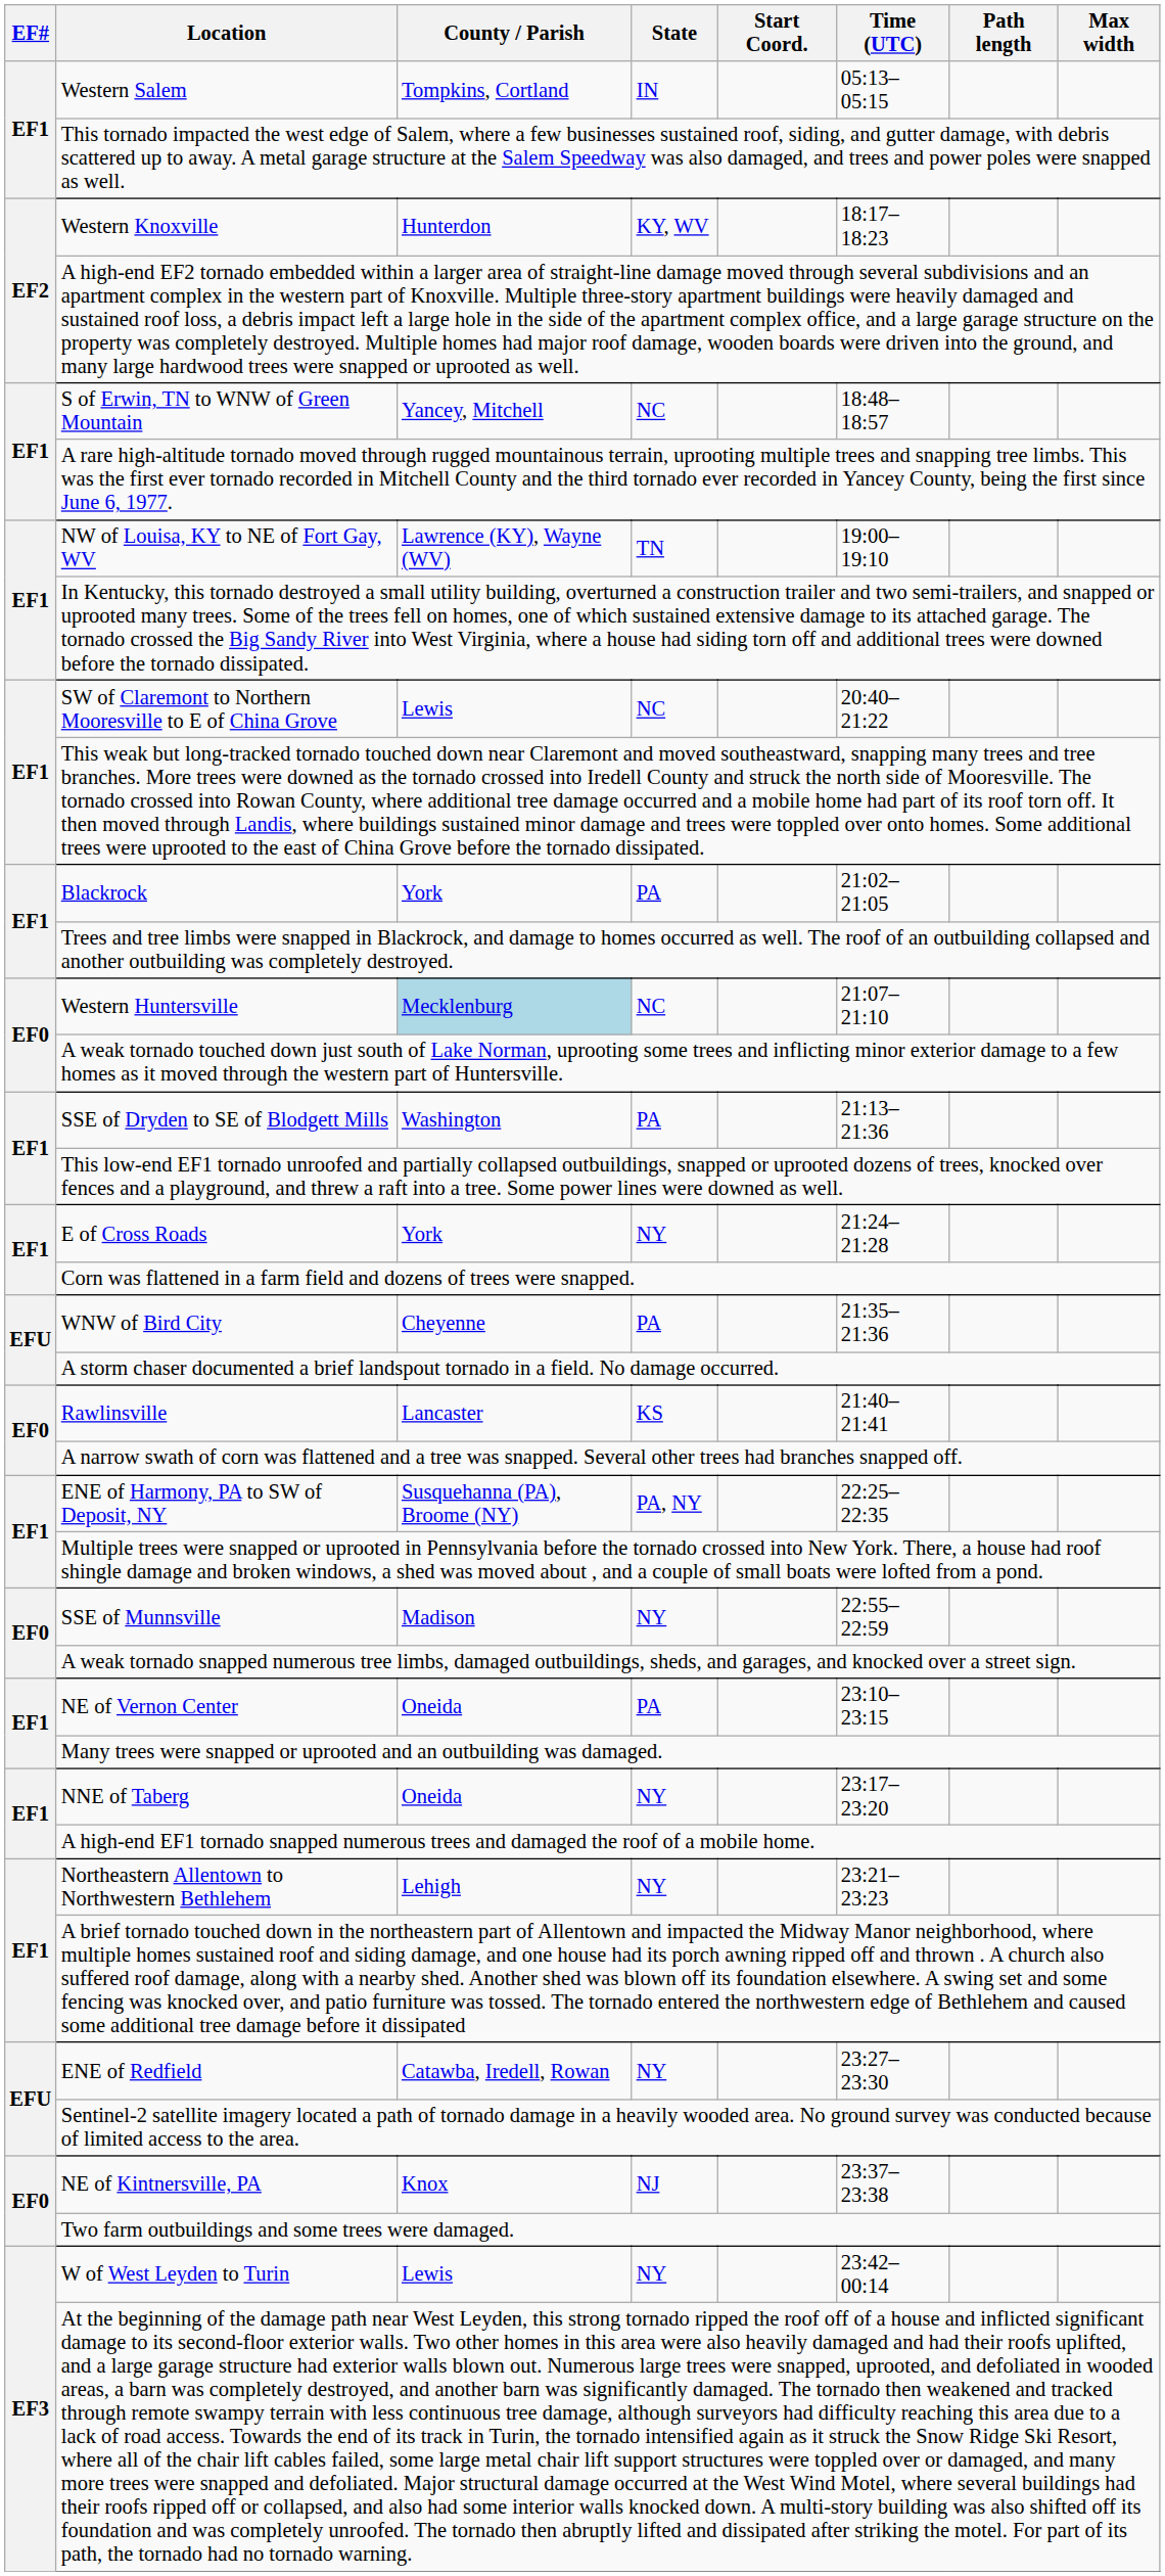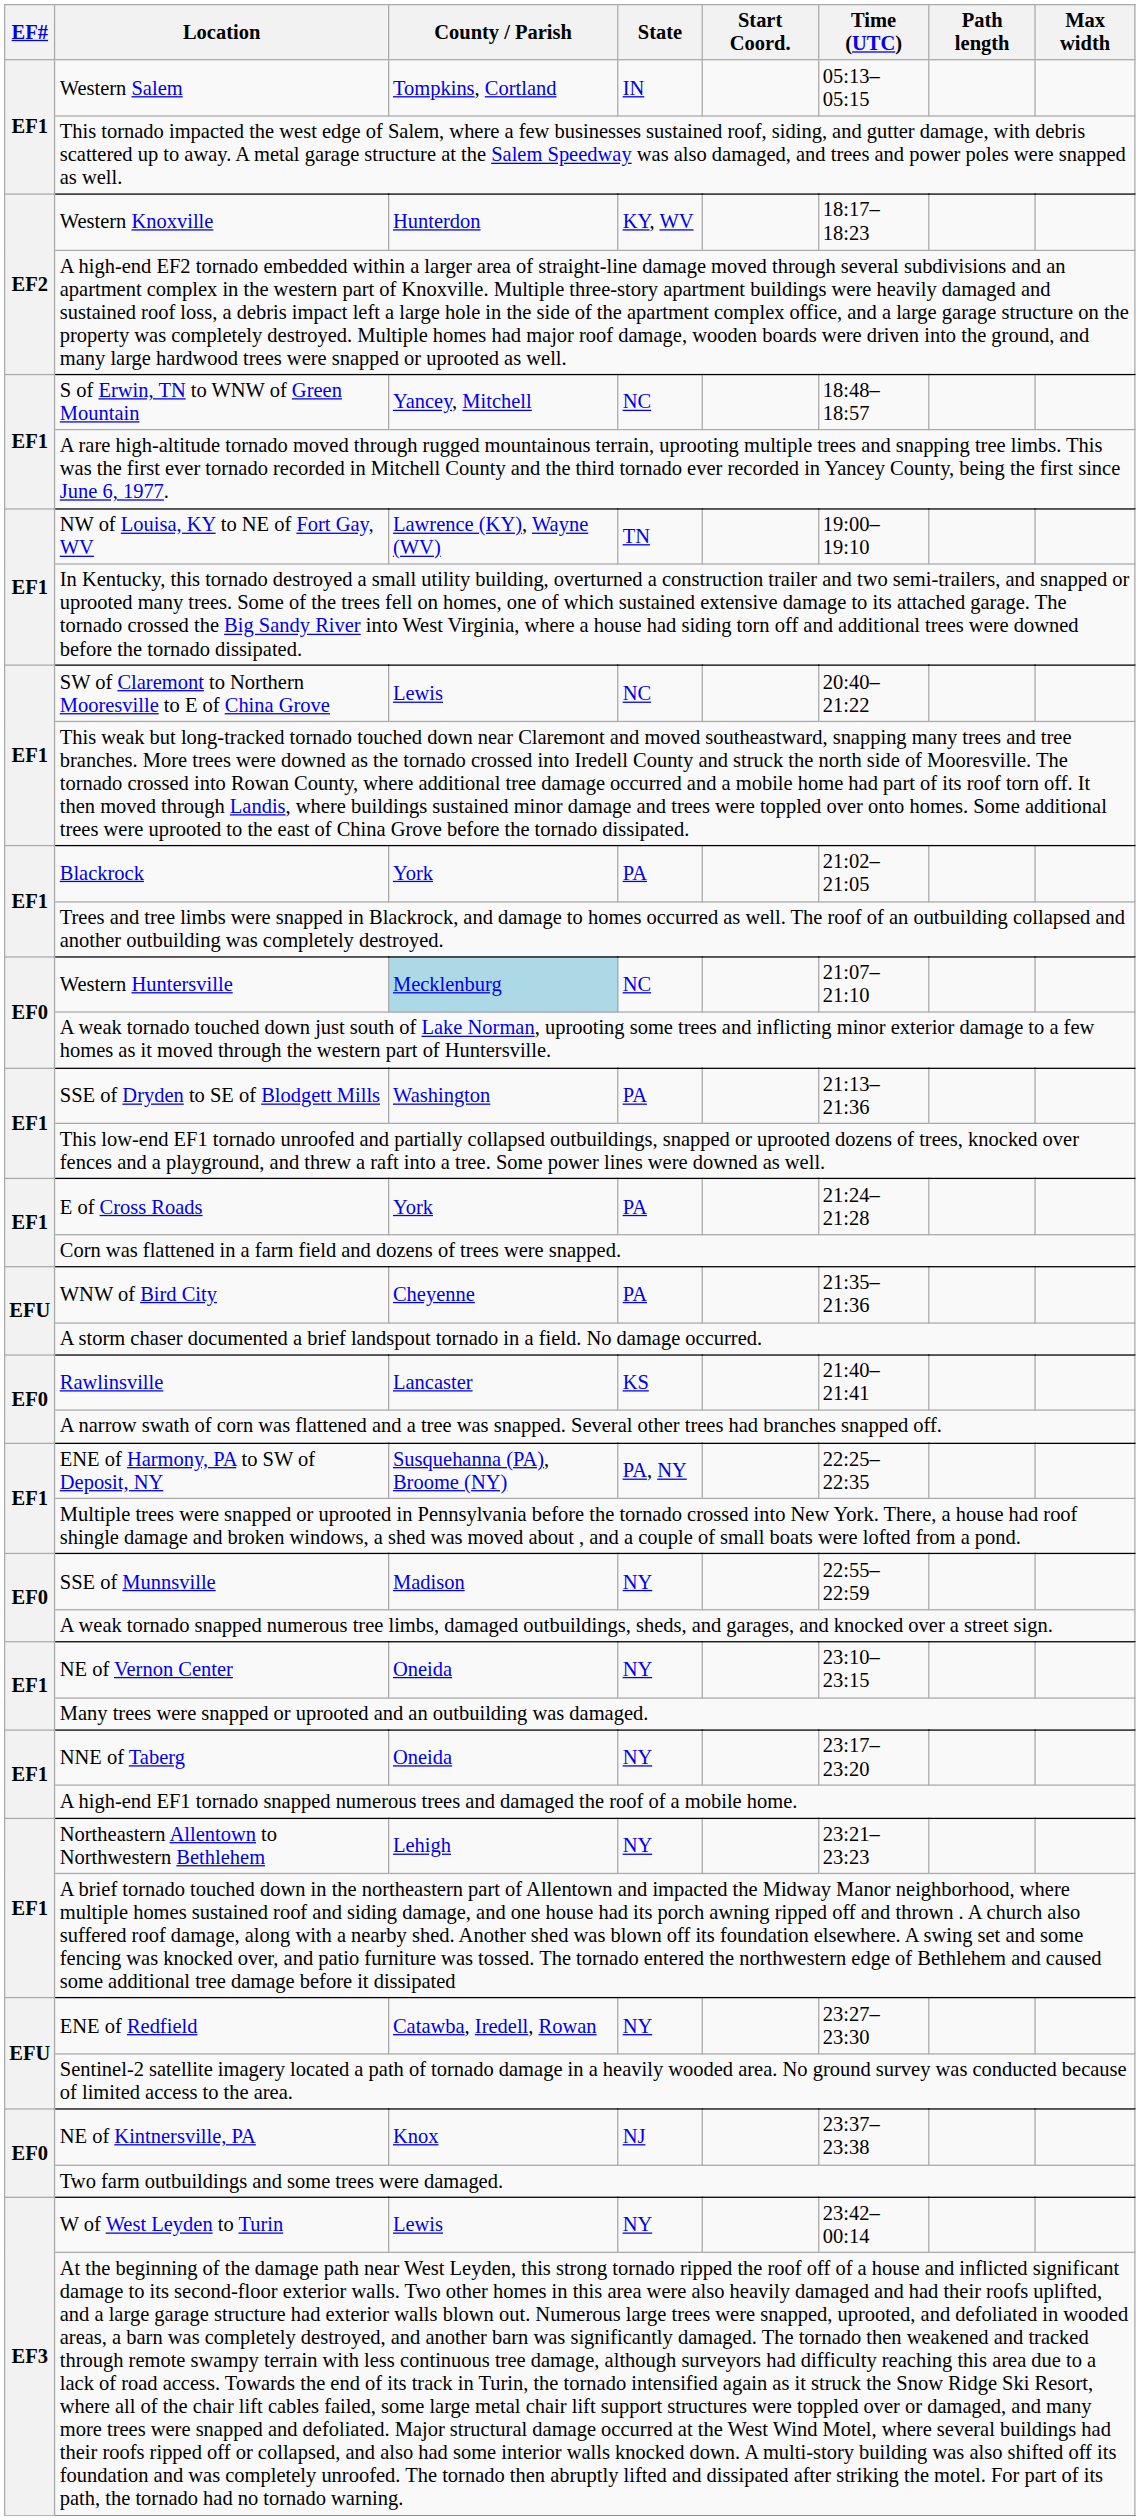 <table class="wikitable sortable" style="width:100%;">
 <tr>
 <th scope="col" width="2%" align="center"><a href='#'>EF#</a></th>
 <th scope="col" align="center" class="unsortable">Location</th>
 <th scope="col" align="center" class="unsortable">County / Parish</th>
 <th scope="col" align="center">State</th>
 <th scope="col" align="center">Start Coord.</th>
 <th scope="col" align="center">Time (<a href='#'>UTC</a>)</th>
 <th scope="col" align="center">Path length</th>
 <th scope="col" align="center">Max width</th>
 </tr>
 <tr>
 <th scope="row" rowspan="2" style="background-color:#">EF1</th>
 <td>Western <a href='#'>Salem</a></td>
 <td><a href='#'>Tompkins</a>, <a href='#'>Cortland</a></td>
 <td><a href='#'>IN</a></td>
 <td></td>
 <td>05:13–05:15</td>
 <td></td>
 <td></td>
 </tr>
 <tr class="expand-child">
 <td colspan="8" style=" border-bottom: 1px solid black;">This tornado impacted the west edge of Salem, where a few businesses sustained roof, siding, and gutter damage, with debris scattered up to  away. A metal garage structure at the <a href='#'>Salem Speedway</a> was also damaged, and trees and power poles were snapped as well.</td>
 </tr>
 <tr>
 <th scope="row" rowspan="2" style="background-color:#">EF2</th>
 <td>Western <a href='#'>Knoxville</a></td>
 <td><a href='#'>Hunterdon</a></td>
 <td><a href='#'>KY</a>, <a href='#'>WV</a></td>
 <td></td>
 <td>18:17–18:23</td>
 <td></td>
 <td></td>
 </tr>
 <tr class="expand-child">
 <td colspan="8" style=" border-bottom: 1px solid black;">A high-end EF2 tornado embedded within a larger area of straight-line damage moved through several subdivisions and an apartment complex in the western part of Knoxville. Multiple three-story apartment buildings were heavily damaged and sustained roof loss, a debris impact left a large hole in the side of the apartment complex office, and a large garage structure on the property was completely destroyed. Multiple homes had major roof damage, wooden boards were driven into the ground, and many large hardwood trees were snapped or uprooted as well.</td>
 </tr>
 <tr>
 <th scope="row" rowspan="2" style="background-color:#">EF1</th>
 <td>S of <a href='#'>Erwin, TN</a> to WNW of <a href='#'>Green Mountain</a></td>
 <td><a href='#'>Yancey</a>, <a href='#'>Mitchell</a></td>
 <td><a href='#'>NC</a></td>
 <td></td>
 <td>18:48–18:57</td>
 <td></td>
 <td></td>
 </tr>
 <tr class="expand-child">
 <td colspan="8" style=" border-bottom: 1px solid black;">A rare high-altitude tornado moved through rugged mountainous terrain, uprooting multiple trees and snapping tree limbs. This was the first ever tornado recorded in Mitchell County and the third tornado ever recorded in Yancey County, being the first since <a href='#'>June 6, 1977</a>.</td>
 </tr>
 <tr>
 <th scope="row" rowspan="2" style="background-color:#">EF1</th>
 <td>NW of <a href='#'>Louisa, KY</a> to NE of <a href='#'>Fort Gay, WV</a></td>
 <td><a href='#'>Lawrence (KY)</a>, <a href='#'>Wayne (WV)</a></td>
 <td><a href='#'>TN</a></td>
 <td></td>
 <td>19:00–19:10</td>
 <td></td>
 <td></td>
 </tr>
 <tr class="expand-child">
 <td colspan="8" style=" border-bottom: 1px solid black;">In Kentucky, this tornado destroyed a small utility building, overturned a construction trailer and two semi-trailers, and snapped or uprooted many trees. Some of the trees fell on homes, one of which sustained extensive damage to its attached garage. The tornado crossed the <a href='#'>Big Sandy River</a> into West Virginia, where a house had siding torn off and additional trees were downed before the tornado dissipated.</td>
 </tr>
 <tr>
 <th scope="row" rowspan="2" style="background-color:#">EF1</th>
 <td>SW of <a href='#'>Claremont</a> to Northern <a href='#'>Mooresville</a> to E of <a href='#'>China Grove</a></td>
 <td><a href='#'>Lewis</a></td>
 <td><a href='#'>NC</a></td>
 <td></td>
 <td>20:40–21:22</td>
 <td></td>
 <td></td>
 </tr>
 <tr class="expand-child">
 <td colspan="8" style=" border-bottom: 1px solid black;">This weak but long-tracked tornado touched down near Claremont and moved southeastward, snapping many trees and tree branches. More trees were downed as the tornado crossed into Iredell County and struck the north side of Mooresville. The tornado crossed into Rowan County, where additional tree damage occurred and a mobile home had part of its roof torn off. It then moved through <a href='#'>Landis</a>, where buildings sustained minor damage and trees were toppled over onto homes. Some additional trees were uprooted to the east of China Grove before the tornado dissipated. </td>
 </tr>
 <tr>
 <th scope="row" rowspan="2" style="background-color:#">EF1</th>
 <td><a href='#'>Blackrock</a></td>
 <td><a href='#'>York</a></td>
 <td><a href='#'>PA</a></td>
 <td></td>
 <td>21:02–21:05</td>
 <td></td>
 <td></td>
 </tr>
 <tr class="expand-child">
 <td colspan="8" style=" border-bottom: 1px solid black;">Trees and tree limbs were snapped in Blackrock, and damage to homes occurred as well. The roof of an outbuilding collapsed and another outbuilding was completely destroyed.</td>
 </tr>
 <tr>
 <th scope="row" rowspan="2" style="background-color:#">EF0</th>
 <td>Western <a href='#'>Huntersville</a></td>
 <td style="background: lightblue;"><a href='#'>Mecklenburg</a></td>
 <td><a href='#'>NC</a></td>
 <td></td>
 <td>21:07–21:10</td>
 <td></td>
 <td></td>
 </tr>
 <tr class="expand-child">
 <td colspan="8" style=" border-bottom: 1px solid black;">A weak tornado touched down just south of <a href='#'>Lake Norman</a>, uprooting some trees and inflicting minor exterior damage to a few homes as it moved through the western part of Huntersville.</td>
 </tr>
 <tr>
 <th scope="row" rowspan="2" style="background-color:#">EF1</th>
 <td>SSE of <a href='#'>Dryden</a> to SE of <a href='#'>Blodgett Mills</a></td>
 <td><a href='#'>Washington</a></td>
 <td><a href='#'>PA</a></td>
 <td></td>
 <td>21:13–21:36</td>
 <td></td>
 <td></td>
 </tr>
 <tr class="expand-child">
 <td colspan="8" style=" border-bottom: 1px solid black;">This low-end EF1 tornado unroofed and partially collapsed outbuildings, snapped or uprooted dozens of trees, knocked over fences and a playground, and threw a raft into a tree. Some power lines were downed as well.</td>
 </tr>
 <tr>
 <th scope="row" rowspan="2" style="background-color:#">EF1</th>
 <td>E of <a href='#'>Cross Roads</a></td>
 <td><a href='#'>York</a></td>
-<td><a href='#'>NY</a></td>
+<td><a href='#'>PA</a></td>
 <td></td>
 <td>21:24–21:28</td>
 <td></td>
 <td></td>
 </tr>
 <tr class="expand-child">
 <td colspan="8" style=" border-bottom: 1px solid black;">Corn was flattened in a farm field and dozens of trees were snapped.</td>
 </tr>
 <tr>
 <th scope="row" rowspan="2" style="background-color:#">EFU</th>
 <td>WNW of <a href='#'>Bird City</a></td>
 <td><a href='#'>Cheyenne</a></td>
 <td><a href='#'>PA</a></td>
 <td></td>
 <td>21:35–21:36</td>
 <td></td>
 <td></td>
 </tr>
 <tr class="expand-child">
 <td colspan="8" style=" border-bottom: 1px solid black;">A storm chaser documented a brief landspout tornado in a field. No damage occurred.</td>
 </tr>
 <tr>
 <th scope="row" rowspan="2" style="background-color:#">EF0</th>
 <td><a href='#'>Rawlinsville</a></td>
 <td><a href='#'>Lancaster</a></td>
 <td><a href='#'>KS</a></td>
 <td></td>
 <td>21:40–21:41</td>
 <td></td>
 <td></td>
 </tr>
 <tr class="expand-child">
 <td colspan="8" style=" border-bottom: 1px solid black;">A narrow swath of corn was flattened and a tree was snapped. Several other trees had branches snapped off.</td>
 </tr>
 <tr>
 <th scope="row" rowspan="2" style="background-color:#">EF1</th>
 <td>ENE of <a href='#'>Harmony, PA</a> to SW of <a href='#'>Deposit, NY</a></td>
 <td><a href='#'>Susquehanna (PA)</a>, <a href='#'>Broome (NY)</a></td>
 <td><a href='#'>PA</a>, <a href='#'>NY</a></td>
 <td></td>
 <td>22:25–22:35</td>
 <td></td>
 <td></td>
 </tr>
 <tr class="expand-child">
 <td colspan="8" style=" border-bottom: 1px solid black;">Multiple trees were snapped or uprooted in Pennsylvania before the tornado crossed into New York. There, a house had roof shingle damage and broken windows, a shed was moved about , and a couple of small boats were lofted from a pond.</td>
 </tr>
 <tr>
 <th scope="row" rowspan="2" style="background-color:#">EF0</th>
 <td>SSE of <a href='#'>Munnsville</a></td>
 <td><a href='#'>Madison</a></td>
 <td><a href='#'>NY</a></td>
 <td></td>
 <td>22:55–22:59</td>
 <td></td>
 <td></td>
 </tr>
 <tr class="expand-child">
 <td colspan="8" style=" border-bottom: 1px solid black;">A weak tornado snapped numerous tree limbs, damaged outbuildings, sheds, and garages, and knocked over a street sign.</td>
 </tr>
 <tr>
 <th scope="row" rowspan="2" style="background-color:#">EF1</th>
 <td>NE of <a href='#'>Vernon Center</a></td>
 <td><a href='#'>Oneida</a></td>
-<td><a href='#'>PA</a></td>
+<td><a href='#'>NY</a></td>
 <td></td>
 <td>23:10–23:15</td>
 <td></td>
 <td></td>
 </tr>
 <tr class="expand-child">
 <td colspan="8" style=" border-bottom: 1px solid black;">Many trees were snapped or uprooted and an outbuilding was damaged.</td>
 </tr>
 <tr>
 <th scope="row" rowspan="2" style="background-color:#">EF1</th>
 <td>NNE of <a href='#'>Taberg</a></td>
 <td><a href='#'>Oneida</a></td>
 <td><a href='#'>NY</a></td>
 <td></td>
 <td>23:17–23:20</td>
 <td></td>
 <td></td>
 </tr>
 <tr class="expand-child">
 <td colspan="8" style=" border-bottom: 1px solid black;">A high-end EF1 tornado snapped numerous trees and damaged the roof of a mobile home.</td>
 </tr>
 <tr>
 <th scope="row" rowspan="2" style="background-color:#">EF1</th>
 <td>Northeastern <a href='#'>Allentown</a> to Northwestern <a href='#'>Bethlehem</a></td>
 <td><a href='#'>Lehigh</a></td>
 <td><a href='#'>NY</a></td>
 <td></td>
 <td>23:21–23:23</td>
 <td></td>
 <td></td>
 </tr>
 <tr class="expand-child">
 <td colspan="8" style=" border-bottom: 1px solid black;">A brief tornado touched down in the northeastern part of Allentown and impacted the Midway Manor neighborhood, where multiple homes sustained roof and siding damage, and one house had its porch awning ripped off and thrown . A church also suffered roof damage, along with a nearby shed. Another shed was blown  off its foundation elsewhere. A swing set and some fencing was knocked over, and patio furniture was tossed. The tornado entered the northwestern edge of Bethlehem and caused some additional tree damage before it dissipated </td>
 </tr>
 <tr>
 <th scope="row" rowspan="2" style="background-color:#">EFU</th>
 <td>ENE of <a href='#'>Redfield</a></td>
 <td><a href='#'>Catawba</a>, <a href='#'>Iredell</a>, <a href='#'>Rowan</a></td>
 <td><a href='#'>NY</a></td>
 <td></td>
 <td>23:27–23:30</td>
 <td></td>
 <td></td>
 </tr>
 <tr class="expand-child">
 <td colspan="8" style=" border-bottom: 1px solid black;">Sentinel-2 satellite imagery located a path of tornado damage in a heavily wooded area. No ground survey was conducted because of limited access  to the area.</td>
 </tr>
 <tr>
 <th scope="row" rowspan="2" style="background-color:#">EF0</th>
 <td>NE of <a href='#'>Kintnersville, PA</a></td>
 <td><a href='#'>Knox</a></td>
 <td><a href='#'>NJ</a></td>
 <td></td>
 <td>23:37–23:38</td>
 <td></td>
 <td></td>
 </tr>
 <tr class="expand-child">
 <td colspan="8" style=" border-bottom: 1px solid black;">Two farm outbuildings and some trees were damaged.</td>
 </tr>
 <tr>
 <th scope="row" rowspan="2" style="background-color:#">EF3</th>
 <td>W of <a href='#'>West Leyden</a> to <a href='#'>Turin</a></td>
 <td><a href='#'>Lewis</a></td>
 <td><a href='#'>NY</a></td>
 <td></td>
 <td>23:42–00:14</td>
 <td></td>
 <td></td>
 </tr>
 <tr class="expand-child">
 <td colspan="8" style=" border-bottom: 1px solid black;">At the beginning of the damage path near West Leyden, this strong tornado ripped the roof off of a house and inflicted significant damage to its second-floor exterior walls. Two other homes in this area were also heavily damaged and had their roofs uplifted, and a large garage structure had exterior walls blown out. Numerous large trees were snapped, uprooted, and defoliated in wooded areas, a barn was completely destroyed, and another barn was significantly damaged. The tornado then weakened and tracked through remote swampy terrain with less continuous tree damage, although surveyors had difficulty reaching this area due to a lack of road access. Towards the end of its track in Turin, the tornado intensified again as it struck the Snow Ridge Ski Resort, where all of the chair lift cables failed, some large metal chair lift support structures were toppled over or damaged, and many more trees were snapped and defoliated. Major structural damage occurred at the West Wind Motel, where several buildings had their roofs ripped off or collapsed, and also had some interior walls knocked down. A multi-story building was also shifted off its foundation and was completely unroofed. The tornado then abruptly lifted and dissipated after striking the motel. For part of its path, the tornado had no tornado warning.</td>
 </tr>
 <tr>
 </tr>
 </table>
